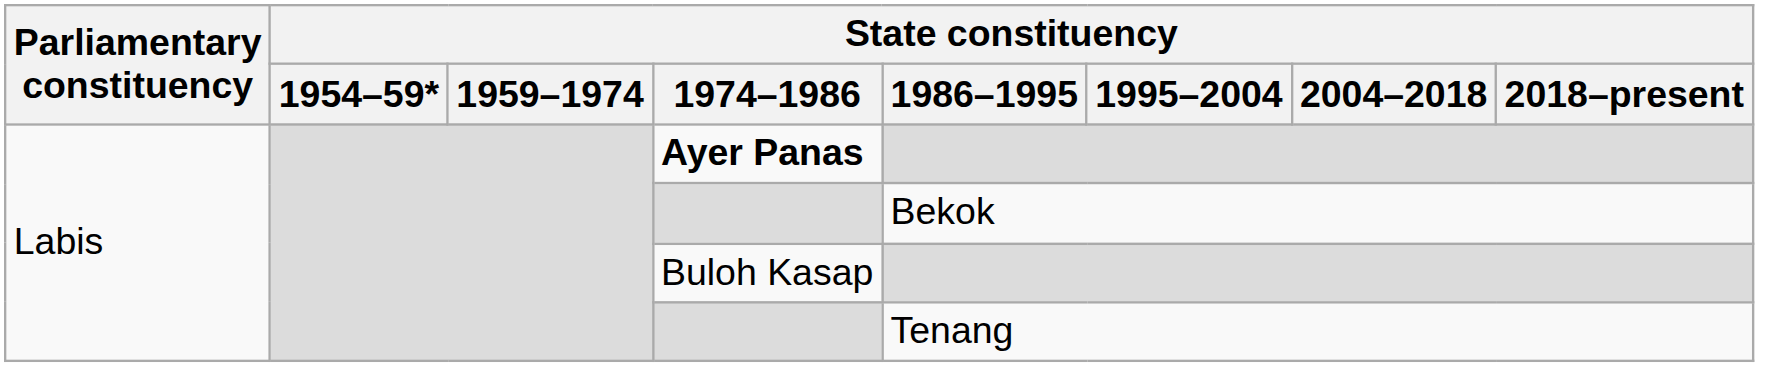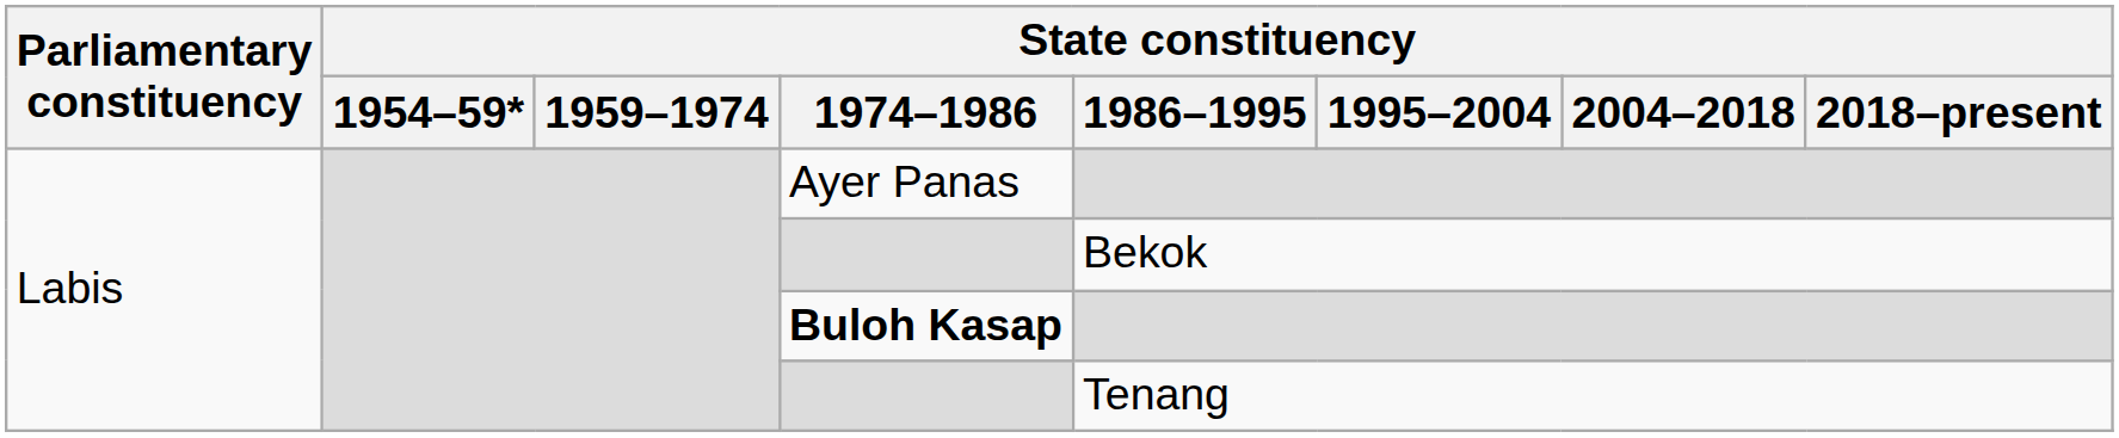 <table class="wikitable">
 <tr>
 <th rowspan="2">Parliamentary<br>constituency</th>
 <th colspan="7">State constituency</th>
 </tr>
 <tr>
 <th>1954–59*</th>
 <th>1959–1974</th>
 <th>1974–1986</th>
 <th>1986–1995</th>
 <th>1995–2004</th>
 <th>2004–2018</th>
 <th>2018–present</th>
 </tr>
 <tr>
 <td rowspan="4">Labis</td>
 <td colspan="2" rowspan="4" bgcolor="dcdcdc"></td>
-<td><strong>Ayer Panas</strong></td>
+<td>Ayer Panas</td>
 <td colspan="4" bgcolor="dcdcdc"></td>
 </tr>
 <tr>
 <td bgcolor="dcdcdc"></td>
 <td colspan="4">Bekok</td>
 </tr>
 <tr>
-<td>Buloh Kasap</td>
+<td><strong>Buloh Kasap</strong></td>
 <td colspan="4" bgcolor="dcdcdc"></td>
 </tr>
 <tr>
 <td bgcolor="dcdcdc"></td>
 <td colspan="4">Tenang</td>
 </tr>
 </table>
